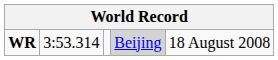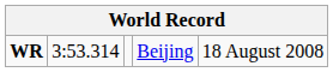 <table class="wikitable">
 <tr>
 <th colspan=5>World Record</th>
 </tr>
 <tr>
 <td><strong>WR</strong></td>
 <td>3:53.314</td>
 <td></td>
-<td style="background: lightgrey;"><a href='#'>Beijing</a> </td>
+<td><a href='#'>Beijing</a> </td>
 <td>18 August 2008</td>
 </tr>
 </table>
